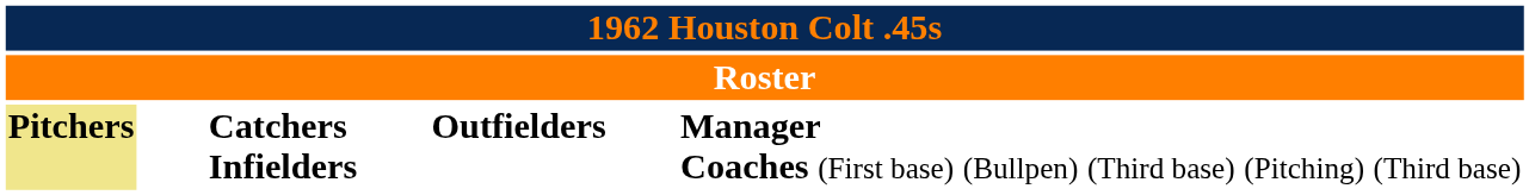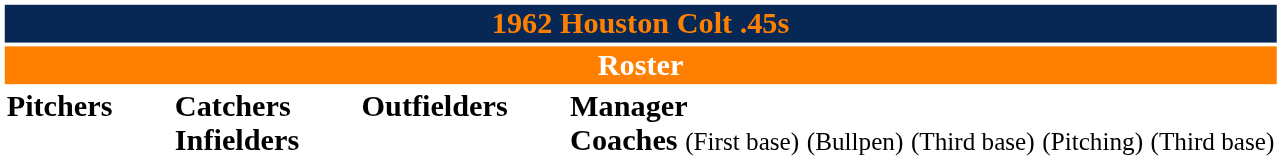 <table class="toccolours" style="text-align: left;">
 <tr>
 <th colspan="10" style="background-color: #072854; color: #FF7F00; text-align: center;">1962 Houston Colt .45s</th>
 </tr>
 <tr>
 <td colspan="10" style="background-color: #FF7F00; color: white; text-align: center;"><strong>Roster</strong></td>
 </tr>
 <tr>
-<td valign="top" style="background: khaki;"><strong>Pitchers</strong><br>                </td>
+<td valign="top"><strong>Pitchers</strong><br>                </td>
 <td width="25px"></td>
 <td valign="top"><strong>Catchers</strong><br>   <strong>Infielders</strong>            </td>
 <td width="25px"></td>
 <td valign="top"><strong>Outfielders</strong><br>          </td>
 <td width="25px"></td>
 <td valign="top"><strong>Manager</strong><br> <strong>Coaches</strong>  <small>(First base)</small>  <small>(Bullpen)</small>  <small>(Third base)</small>  <small>(Pitching)</small>  <small>(Third base)</small></td>
 </tr>
 <tr>
 </tr>
 </table>
